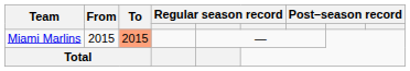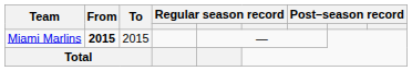 <table class="wikitable" Style="text-align: center;font-size:90%">
 <tr>
 <th rowspan="2">Team</th>
 <th rowspan="2">From</th>
 <th rowspan="2">To</th>
 <th colspan="3">Regular season record</th>
 <th colspan="3">Post–season record</th>
 </tr>
 <tr>
 <th></th>
 <th></th>
 <th></th>
 <th></th>
 <th></th>
 <th></th>
 </tr>
 <tr>
 <td><a href='#'>Miami Marlins</a></td>
+<td><strong>2015</strong></td>
 <td>2015</td>
-<td style="background: lightsalmon;">2015</td>
 <td></td>
 <td colspan="3">—</td>
 </tr>
 <tr>
 <th colspan="3">Total</th>
 <th></th>
 <th></th>
 </tr>
 </table>
